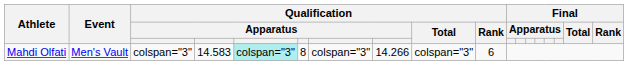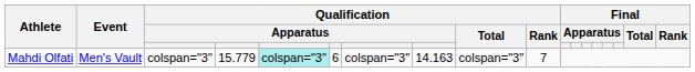 <table class="wikitable" style="font-size:90%">
 <tr>
 <th rowspan=3>Athlete</th>
 <th rowspan=3>Event</th>
 <th colspan=8>Qualification</th>
 <th colspan=8>Final</th>
 </tr>
 <tr style="font-size:95%">
 <th colspan=6>Apparatus</th>
 <th rowspan=2>Total</th>
 <th rowspan=2>Rank</th>
 <th colspan=6>Apparatus</th>
 <th rowspan=2>Total</th>
 <th rowspan=2>Rank</th>
 </tr>
 <tr style="font-size:95%">
 <th></th>
 <th></th>
 <th></th>
 <th></th>
 <th></th>
 <th></th>
 <th></th>
 <th></th>
 <th></th>
 <th></th>
 <th></th>
 <th></th>
 </tr>
 <tr align=center>
 <td align=left><a href='#'>Mahdi Olfati</a></td>
 <td align=left><a href='#'>Men's Vault</a></td>
 <td>colspan="3" </td>
-<td>14.583</td>
+<td>15.779</td>
 <td style="background: paleturquoise;">colspan="3" </td>
-<td>8 <strong></strong></td>
+<td>6 <strong></strong></td>
 <td>colspan="3" </td>
-<td>14.266</td>
+<td>14.163</td>
 <td>colspan="3" </td>
-<td>6</td>
+<td>7</td>
 </tr>
 </table>
